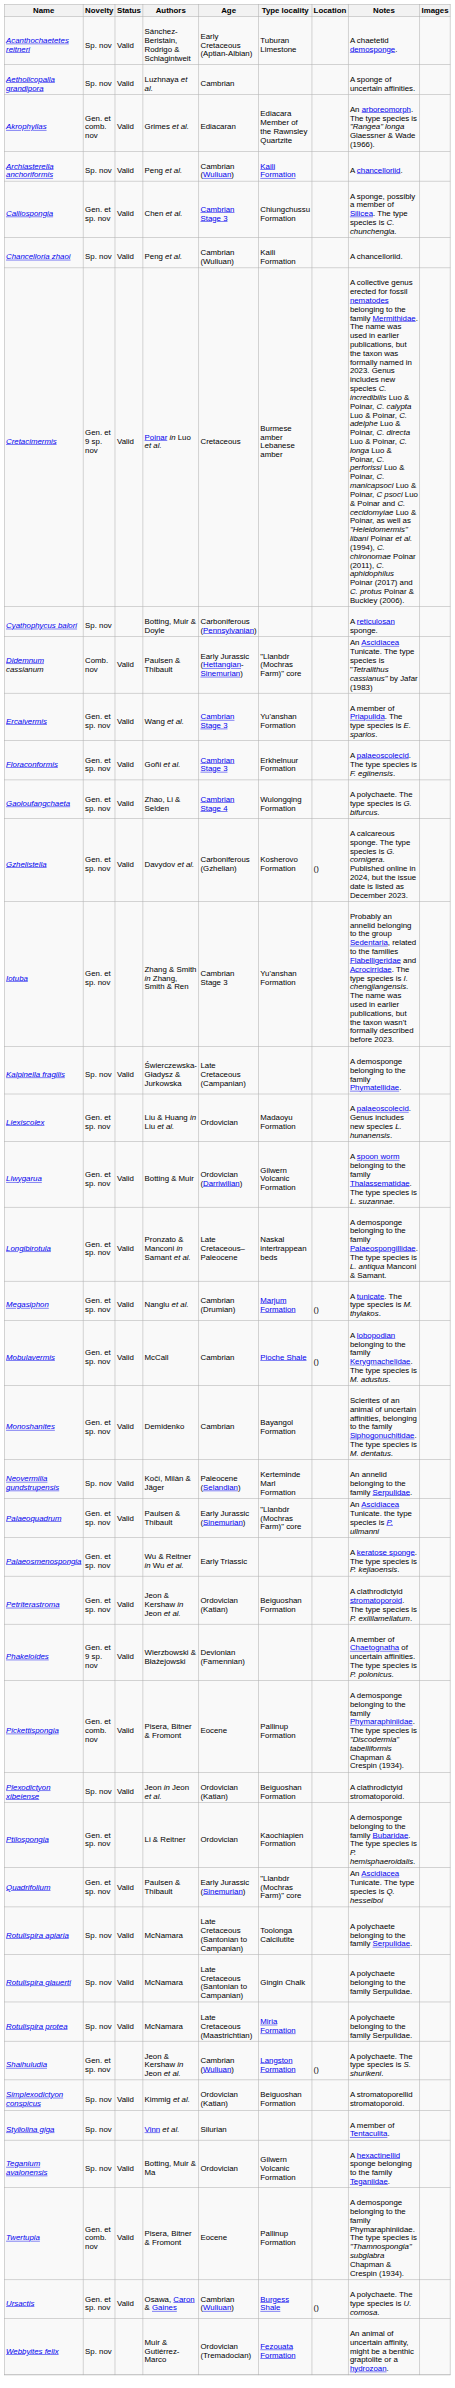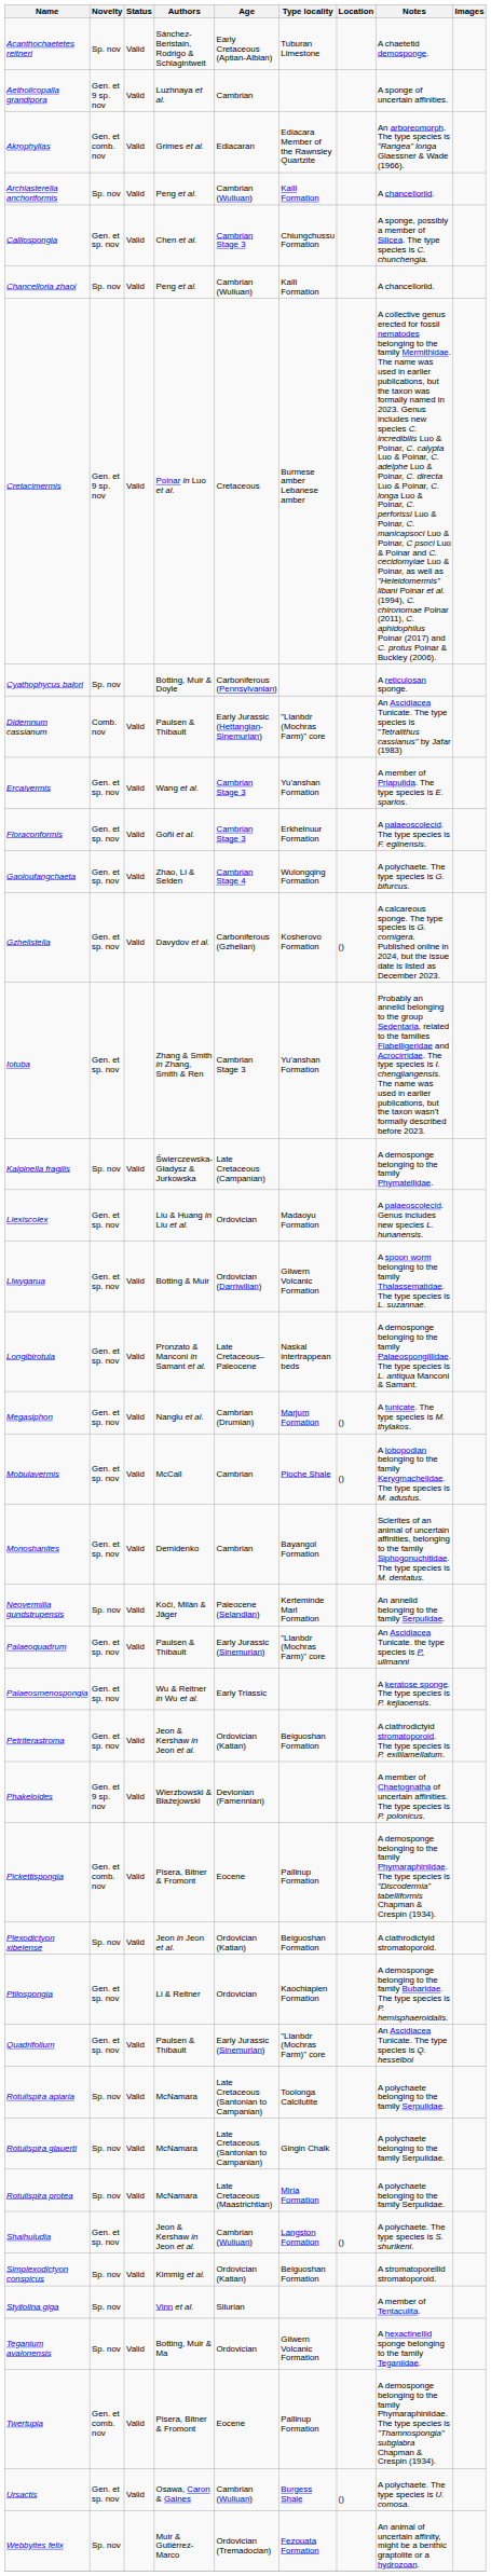 <table class="wikitable sortable" align="center" width="100%">
 <tr>
 <th>Name</th>
 <th>Novelty</th>
 <th>Status</th>
 <th>Authors</th>
 <th>Age</th>
 <th>Type locality</th>
 <th>Location</th>
 <th>Notes</th>
 <th>Images</th>
 </tr>
 <tr>
 <td><br><em><a href='#'>Acanthochaetetes reitneri</a></em></td>
 <td><br>Sp. nov</td>
 <td><br>Valid</td>
 <td><br>Sánchez-Beristain, Rodrigo & Schlagintweit</td>
 <td><br>Early Cretaceous (Aptian-Albian)</td>
 <td><br>Tuburan Limestone</td>
 <td><br></td>
 <td><br>A chaetetid <a href='#'>demosponge</a>.</td>
 <td></td>
 </tr>
 <tr>
 <td><br><em><a href='#'>Aetholicopalla grandipora</a></em></td>
-<td><br>Sp. nov</td>
+<td><br>Gen. et 9 sp. nov</td>
 <td><br>Valid</td>
 <td><br>Luzhnaya <em>et al.</em></td>
 <td><br>Cambrian</td>
 <td></td>
 <td><br></td>
 <td><br>A sponge of uncertain affinities.</td>
 <td></td>
 </tr>
 <tr>
 <td><br><em><a href='#'>Akrophyllas</a></em></td>
 <td><br>Gen. et comb. nov</td>
 <td><br>Valid</td>
 <td><br>Grimes <em>et al.</em></td>
 <td><br>Ediacaran</td>
 <td><br>Ediacara Member of the Rawnsley Quartzite</td>
 <td><br></td>
 <td><br>An <a href='#'>arboreomorph</a>. The type species is <em>"Rangea" longa</em> Glaessner & Wade (1966).</td>
 <td></td>
 </tr>
 <tr>
 <td><br><em><a href='#'>Archiasterella anchoriformis</a></em></td>
 <td><br>Sp. nov</td>
 <td><br>Valid</td>
 <td><br>Peng <em>et al.</em></td>
 <td><br>Cambrian (<a href='#'>Wuliuan</a>)</td>
 <td><br><a href='#'>Kaili Formation</a></td>
 <td><br></td>
 <td><br>A <a href='#'>chancelloriid</a>.</td>
 <td></td>
 </tr>
 <tr>
 <td><br><em><a href='#'>Calliospongia</a></em></td>
 <td><br>Gen. et sp. nov</td>
 <td><br>Valid</td>
 <td><br>Chen <em>et al.</em></td>
 <td><br><a href='#'>Cambrian Stage 3</a></td>
 <td><br>Chiungchussu Formation</td>
 <td><br></td>
 <td><br>A sponge, possibly a member of <a href='#'>Silicea</a>. The type species is <em>C. chunchengia</em>.</td>
 <td></td>
 </tr>
 <tr>
 <td><br><em><a href='#'>Chancelloria zhaoi</a></em></td>
 <td><br>Sp. nov</td>
 <td><br>Valid</td>
 <td><br>Peng <em>et al.</em></td>
 <td><br>Cambrian (Wuliuan)</td>
 <td><br>Kaili Formation</td>
 <td><br></td>
 <td><br>A chancelloriid.</td>
 <td></td>
 </tr>
 <tr>
 <td><br><em><a href='#'>Cretacimermis</a></em></td>
 <td><br>Gen. et 9 sp. nov</td>
 <td><br>Valid</td>
 <td><br><a href='#'>Poinar</a> <em>in</em> Luo <em>et al.</em></td>
 <td><br>Cretaceous</td>
 <td><br>Burmese amber<br> Lebanese amber</td>
 <td><br><br> </td>
 <td><br>A collective genus erected for fossil <a href='#'>nematodes</a> belonging to the family <a href='#'>Mermithidae</a>. The name was used in earlier publications, but the taxon was formally named in 2023. Genus includes new species <em>C. incredibilis</em> Luo & Poinar, <em>C. calypta</em> Luo & Poinar, <em>C. adelphe</em> Luo & Poinar, <em>C. directa</em> Luo & Poinar, <em>C. longa</em> Luo & Poinar, <em>C. perforissi</em> Luo & Poinar, <em>C. manicapsoci</em> Luo & Poinar, <em>C psoci</em> Luo & Poinar and <em>C. cecidomyiae</em> Luo & Poinar, as well as <em>"Heleidomermis" libani</em> Poinar <em>et al.</em> (1994), <em>C. chironomae</em> Poinar (2011), <em>C. aphidophilus</em> Poinar (2017) and <em>C. protus</em> Poinar & Buckley (2006).</td>
 <td></td>
 </tr>
 <tr>
 <td><br><em><a href='#'>Cyathophycus balori</a></em></td>
 <td><br>Sp. nov</td>
 <td></td>
 <td><br>Botting, Muir & Doyle</td>
 <td><br>Carboniferous (<a href='#'>Pennsylvanian</a>)</td>
 <td></td>
 <td><br></td>
 <td><br>A <a href='#'>reticulosan</a> sponge.</td>
 <td></td>
 </tr>
 <tr>
 <td><em><a href='#'>Didemnum</a></em> <em>cassianum</em></td>
 <td>Comb. nov</td>
 <td>Valid</td>
 <td>Paulsen & Thibault</td>
 <td>Early Jurassic (<a href='#'>Hettangian</a>-<a href='#'>Sinemurian</a>)</td>
 <td>"Llanbdr (Mochras Farm)" core</td>
 <td></td>
 <td>An <a href='#'>Ascidiacea</a> Tunicate. The type species is "<em>Tetralithus cassianus"</em> by Jafar (1983)</td>
 <td></td>
 </tr>
 <tr>
 <td><br><em><a href='#'>Ercaivermis</a></em></td>
 <td><br>Gen. et sp. nov</td>
 <td><br>Valid</td>
 <td><br>Wang <em>et al.</em></td>
 <td><br><a href='#'>Cambrian Stage 3</a></td>
 <td><br>Yu'anshan Formation</td>
 <td><br></td>
 <td><br>A member of <a href='#'>Priapulida</a>. The type species is <em>E. sparios</em>.</td>
 <td></td>
 </tr>
 <tr>
 <td><br><em><a href='#'>Floraconformis</a></em></td>
 <td><br>Gen. et sp. nov</td>
 <td><br>Valid</td>
 <td><br>Goñi <em>et al.</em></td>
 <td><br><a href='#'>Cambrian Stage 3</a></td>
 <td><br>Erkhelnuur Formation</td>
 <td><br></td>
 <td><br>A <a href='#'>palaeoscolecid</a>. The type species is <em>F. egiinensis</em>.</td>
 <td></td>
 </tr>
 <tr>
 <td><br><em><a href='#'>Gaoloufangchaeta</a></em></td>
 <td><br>Gen. et sp. nov</td>
 <td><br>Valid</td>
 <td><br>Zhao, Li & Selden</td>
 <td><br><a href='#'>Cambrian Stage 4</a></td>
 <td><br>Wulongqing Formation</td>
 <td><br></td>
 <td><br>A polychaete. The type species is <em>G. bifurcus</em>.</td>
 <td></td>
 </tr>
 <tr>
 <td><br><em><a href='#'>Gzhelistella</a></em></td>
 <td><br>Gen. et sp. nov</td>
 <td><br>Valid</td>
 <td><br>Davydov <em>et al.</em></td>
 <td><br>Carboniferous (Gzhelian)</td>
 <td><br>Kosherovo Formation</td>
 <td><br><br>()</td>
 <td><br>A calcareous sponge. The type species is <em>G. cornigera</em>. Published online in 2024, but the issue date is listed as December 2023.</td>
 <td></td>
 </tr>
 <tr>
 <td><br><em><a href='#'>Iotuba</a></em></td>
 <td><br>Gen. et sp. nov</td>
 <td></td>
 <td><br>Zhang & Smith <em>in</em> Zhang, Smith & Ren</td>
 <td><br>Cambrian Stage 3</td>
 <td><br>Yu'anshan Formation</td>
 <td><br></td>
 <td><br>Probably an annelid belonging to the group <a href='#'>Sedentaria</a>, related to the families <a href='#'>Flabelligeridae</a> and <a href='#'>Acrocirridae</a>. The type species is <em>I. chengjiangensis</em>. The name was used in earlier publications, but the taxon wasn't formally described before 2023.</td>
 <td></td>
 </tr>
 <tr>
 <td><br><em><a href='#'>Kalpinella fragilis</a></em></td>
 <td><br>Sp. nov</td>
 <td><br>Valid</td>
 <td><br>Świerczewska-Gładysz & Jurkowska</td>
 <td><br>Late Cretaceous (Campanian)</td>
 <td></td>
 <td><br></td>
 <td><br>A demosponge belonging to the family <a href='#'>Phymatellidae</a>.</td>
 <td></td>
 </tr>
 <tr>
 <td><br><em><a href='#'>Liexiscolex</a></em></td>
 <td><br>Gen. et sp. nov</td>
 <td></td>
 <td><br>Liu & Huang <em>in</em> Liu <em>et al.</em></td>
 <td><br>Ordovician</td>
 <td><br>Madaoyu Formation</td>
 <td><br></td>
 <td><br>A <a href='#'>palaeoscolecid</a>. Genus includes new species <em>L. hunanensis</em>.</td>
 <td></td>
 </tr>
 <tr>
 <td><br><em><a href='#'>Llwygarua</a></em></td>
 <td><br>Gen. et sp. nov</td>
 <td><br>Valid</td>
 <td><br>Botting & Muir</td>
 <td><br>Ordovician (<a href='#'>Darriwilian</a>)</td>
 <td><br>Gilwern Volcanic Formation</td>
 <td><br></td>
 <td><br>A <a href='#'>spoon worm</a> belonging to the family <a href='#'>Thalassematidae</a>. The type species is <em>L. suzannae</em>.</td>
 <td></td>
 </tr>
 <tr>
 <td><br><em><a href='#'>Longibirotula</a></em></td>
 <td><br>Gen. et sp. nov</td>
 <td><br>Valid</td>
 <td><br>Pronzato & Manconi <em>in</em> Samant <em>et al.</em></td>
 <td><br>Late Cretaceous–Paleocene</td>
 <td><br>Naskal intertrappean beds</td>
 <td><br></td>
 <td><br>A demosponge belonging to the family <a href='#'>Palaeospongillidae</a>. The type species is <em>L. antiqua</em> Manconi & Samant.</td>
 <td></td>
 </tr>
 <tr>
 <td><br><em><a href='#'>Megasiphon</a></em></td>
 <td><br>Gen. et sp. nov</td>
 <td><br>Valid</td>
 <td><br>Nanglu <em>et al.</em></td>
 <td><br>Cambrian (Drumian)</td>
 <td><br><a href='#'>Marjum Formation</a></td>
 <td><br><br>()</td>
 <td><br>A <a href='#'>tunicate</a>. The type species is <em>M. thylakos</em>.</td>
 <td></td>
 </tr>
 <tr>
 <td><br><em><a href='#'>Mobulavermis</a></em></td>
 <td><br>Gen. et sp. nov</td>
 <td><br>Valid</td>
 <td><br>McCall</td>
 <td><br>Cambrian</td>
 <td><br><a href='#'>Pioche Shale</a></td>
 <td><br><br>()</td>
 <td><br>A <a href='#'>lobopodian</a> belonging to the family <a href='#'>Kerygmachelidae</a>. The type species is <em>M. adustus</em>.</td>
 <td></td>
 </tr>
 <tr>
 <td><br><em><a href='#'>Monoshanites</a></em></td>
 <td><br>Gen. et sp. nov</td>
 <td><br>Valid</td>
 <td><br>Demidenko</td>
 <td><br>Cambrian</td>
 <td><br>Bayangol Formation</td>
 <td><br></td>
 <td><br>Sclerites of an animal of uncertain affinities, belonging to the family <a href='#'>Siphogonuchitidae</a>. The type species is <em>M. dentatus</em>.</td>
 <td></td>
 </tr>
 <tr>
 <td><br><em><a href='#'>Neovermilia gundstrupensis</a></em></td>
 <td><br>Sp. nov</td>
 <td><br>Valid</td>
 <td><br>Kočí, Milàn & Jäger</td>
 <td><br>Paleocene (<a href='#'>Selandian</a>)</td>
 <td><br>Kerteminde Marl Formation</td>
 <td><br></td>
 <td><br>An annelid belonging to the family <a href='#'>Serpulidae</a>.</td>
 <td></td>
 </tr>
 <tr>
 <td><em><a href='#'>Palaeoquadrum</a></em></td>
 <td>Gen. et sp. nov</td>
 <td>Valid</td>
 <td>Paulsen & Thibault</td>
 <td>Early Jurassic (<a href='#'>Sinemurian</a>)</td>
 <td>"Llanbdr (Mochras Farm)" core</td>
 <td></td>
 <td>An <a href='#'>Ascidiacea</a> Tunicate. the type species is <em><a href='#'>P.</a> ullmanni</em></td>
 <td></td>
 </tr>
 <tr>
 <td><br><em><a href='#'>Palaeosmenospongia</a></em></td>
 <td><br>Gen. et sp. nov</td>
 <td></td>
 <td><br>Wu & Reitner <em>in</em> Wu <em>et al.</em></td>
 <td><br>Early Triassic</td>
 <td></td>
 <td><br></td>
 <td><br>A <a href='#'>keratose sponge</a>. The type species is <em>P. kejiaoensis</em>.</td>
 <td></td>
 </tr>
 <tr>
 <td><br><em><a href='#'>Petriterastroma</a></em></td>
 <td><br>Gen. et sp. nov</td>
 <td><br>Valid</td>
 <td><br>Jeon & Kershaw <em>in</em> Jeon <em>et al.</em></td>
 <td><br>Ordovician (Katian)</td>
 <td><br>Beiguoshan Formation</td>
 <td><br></td>
 <td><br>A clathrodictyid <a href='#'>stromatoporoid</a>. The type species is <em>P. exililamellatum</em>.</td>
 <td></td>
 </tr>
 <tr>
 <td><br><em><a href='#'>Phakeloides</a></em></td>
 <td><br>Gen. et 9 sp. nov</td>
 <td><br>Valid</td>
 <td><br>Wierzbowski & Błażejowski</td>
 <td><br>Devionian (Famennian)</td>
 <td></td>
 <td><br></td>
 <td><br>A member of <a href='#'>Chaetognatha</a> of uncertain affinities. The type species is <em>P. polonicus</em>.</td>
 <td></td>
 </tr>
 <tr>
 <td><br><em><a href='#'>Pickettispongia</a></em></td>
 <td><br>Gen. et comb. nov</td>
 <td><br>Valid</td>
 <td><br>Pisera, Bitner & Fromont</td>
 <td><br>Eocene</td>
 <td><br>Pallinup Formation</td>
 <td><br></td>
 <td><br>A demosponge belonging to the family <a href='#'>Phymaraphiniidae</a>. The type species is <em>"Discodermia" tabelliformis</em> Chapman & Crespin (1934).</td>
 <td></td>
 </tr>
 <tr>
 <td><br><em><a href='#'>Plexodictyon xibeiense</a></em></td>
 <td><br>Sp. nov</td>
 <td><br>Valid</td>
 <td><br>Jeon <em>in</em> Jeon <em>et al.</em></td>
 <td><br>Ordovician (Katian)</td>
 <td><br>Beiguoshan Formation</td>
 <td><br></td>
 <td><br>A clathrodictyid stromatoporoid.</td>
 <td></td>
 </tr>
 <tr>
 <td><br><em><a href='#'>Ptilospongia</a></em></td>
 <td><br>Gen. et sp. nov</td>
 <td></td>
 <td><br>Li & Reitner</td>
 <td><br>Ordovician</td>
 <td><br>Kaochiapien Formation</td>
 <td><br></td>
 <td><br>A demosponge belonging to the family <a href='#'>Bubaridae</a>. The type species is <em>P. hemisphaeroidalis</em>.</td>
 <td></td>
 </tr>
 <tr>
 <td><em><a href='#'>Quadrifolium</a></em></td>
 <td>Gen. et sp. nov</td>
 <td>Valid</td>
 <td>Paulsen & Thibault</td>
 <td>Early Jurassic (<a href='#'>Sinemurian</a>)</td>
 <td>"Llanbdr (Mochras Farm)" core</td>
 <td></td>
 <td>An <a href='#'>Ascidiacea</a> Tunicate. The type species is <em>Q. hesselboi</em></td>
 <td></td>
 </tr>
 <tr>
 <td><br><em><a href='#'>Rotulispira apiaria</a></em></td>
 <td><br>Sp. nov</td>
 <td><br>Valid</td>
 <td><br>McNamara</td>
 <td><br>Late Cretaceous (Santonian to Campanian)</td>
 <td><br>Toolonga Calcilutite</td>
 <td><br></td>
 <td><br>A polychaete belonging to the family <a href='#'>Serpulidae</a>.</td>
 <td></td>
 </tr>
 <tr>
 <td><br><em><a href='#'>Rotulispira glauerti</a></em></td>
 <td><br>Sp. nov</td>
 <td><br>Valid</td>
 <td><br>McNamara</td>
 <td><br>Late Cretaceous (Santonian to Campanian)</td>
 <td><br>Gingin Chalk</td>
 <td><br></td>
 <td><br>A polychaete belonging to the family Serpulidae.</td>
 <td></td>
 </tr>
 <tr>
 <td><br><em><a href='#'>Rotulispira protea</a></em></td>
 <td><br>Sp. nov</td>
 <td><br>Valid</td>
 <td><br>McNamara</td>
 <td><br>Late Cretaceous (Maastrichtian)</td>
 <td><br><a href='#'>Miria Formation</a></td>
 <td><br></td>
 <td><br>A polychaete belonging to the family Serpulidae.</td>
 <td></td>
 </tr>
 <tr>
 <td><br><em><a href='#'>Shaihuludia</a></em></td>
 <td><br>Gen. et sp. nov</td>
 <td></td>
 <td><br>Jeon & Kershaw <em>in</em> Jeon <em>et al.</em></td>
 <td><br>Cambrian (<a href='#'>Wuliuan</a>)</td>
 <td><br><a href='#'>Langston Formation</a></td>
 <td><br><br>()</td>
 <td><br>A polychaete. The type species is <em>S. shurikeni</em>.</td>
 <td></td>
 </tr>
 <tr>
 <td><br><em><a href='#'>Simplexodictyon conspicus</a></em></td>
 <td><br>Sp. nov</td>
 <td><br>Valid</td>
 <td><br>Kimmig <em>et al.</em></td>
 <td><br>Ordovician (Katian)</td>
 <td><br>Beiguoshan Formation</td>
 <td><br></td>
 <td><br>A stromatoporellid stromatoporoid.</td>
 <td></td>
 </tr>
 <tr>
 <td><br><em><a href='#'>Styliolina giga</a></em></td>
 <td><br>Sp. nov</td>
 <td></td>
 <td><br><a href='#'>Vinn</a> <em>et al.</em></td>
 <td><br>Silurian</td>
 <td></td>
 <td><br></td>
 <td><br>A member of <a href='#'>Tentaculita</a>.</td>
 <td></td>
 </tr>
 <tr>
 <td><br><em><a href='#'>Teganium avalonensis</a></em></td>
 <td><br>Sp. nov</td>
 <td><br>Valid</td>
 <td><br>Botting, Muir & Ma</td>
 <td><br>Ordovician</td>
 <td><br>Gilwern Volcanic Formation</td>
 <td><br></td>
 <td><br>A <a href='#'>hexactinellid</a> sponge belonging to the family <a href='#'>Teganiidae</a>.</td>
 <td></td>
 </tr>
 <tr>
 <td><br><em><a href='#'>Twertupia</a></em></td>
 <td><br>Gen. et comb. nov</td>
 <td><br>Valid</td>
 <td><br>Pisera, Bitner & Fromont</td>
 <td><br>Eocene</td>
 <td><br>Pallinup Formation</td>
 <td><br></td>
 <td><br>A demosponge belonging to the family Phymaraphiniidae. The type species is <em>"Thamnospongia" subglabra</em> Chapman & Crespin (1934).</td>
 <td></td>
 </tr>
 <tr>
 <td><br><em><a href='#'>Ursactis</a></em></td>
 <td><br>Gen. et sp. nov</td>
 <td><br>Valid</td>
 <td><br>Osawa, <a href='#'>Caron</a> & <a href='#'>Gaines</a></td>
 <td><br>Cambrian (<a href='#'>Wuliuan</a>)</td>
 <td><br><a href='#'>Burgess Shale</a></td>
 <td><br><br>()</td>
 <td><br>A polychaete. The type species is <em>U. comosa</em>.</td>
 <td></td>
 </tr>
 <tr>
 <td><br><em><a href='#'>Webbyites felix</a></em></td>
 <td><br>Sp. nov</td>
 <td></td>
 <td><br>Muir & Gutiérrez-Marco</td>
 <td><br>Ordovician (Tremadocian)</td>
 <td><br><a href='#'>Fezouata Formation</a></td>
 <td><br></td>
 <td><br>An animal of uncertain affinity, might be a benthic graptolite or a <a href='#'>hydrozoan</a>.</td>
 <td></td>
 </tr>
 <tr>
 </tr>
 </table>
